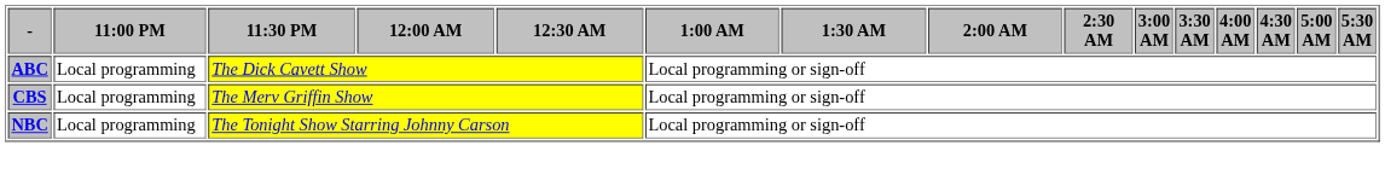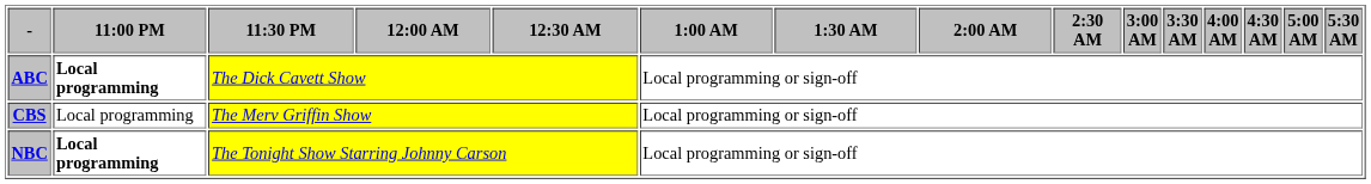 <table border="1" cellpadding="2">
 <tr>
 <th bgcolor="#C0C0C0">-</th>
 <th width="13%" bgcolor="#C0C0C0">11:00 PM</th>
 <th width="14%" bgcolor="#C0C0C0">11:30 PM</th>
 <th width="13%" bgcolor="#C0C0C0">12:00 AM</th>
 <th width="14%" bgcolor="#C0C0C0">12:30 AM</th>
 <th width="13%" bgcolor="#C0C0C0">1:00 AM</th>
 <th width="14%" bgcolor="#C0C0C0">1:30 AM</th>
 <th width="13%" bgcolor="#C0C0C0">2:00 AM</th>
 <th width="14%" bgcolor="#C0C0C0">2:30 AM</th>
 <th width="13%" bgcolor="#C0C0C0">3:00 AM</th>
 <th width="14%" bgcolor="#C0C0C0">3:30 AM</th>
 <th width="13%" bgcolor="#C0C0C0">4:00 AM</th>
 <th width="14%" bgcolor="#C0C0C0">4:30 AM</th>
 <th width="13%" bgcolor="#C0C0C0">5:00 AM</th>
 <th width="14%" bgcolor="#C0C0C0">5:30 AM</th>
 </tr>
 <tr>
 <th bgcolor="#C0C0C0"><a href='#'>ABC</a></th>
-<td bgcolor="white">Local programming</td>
+<td bgcolor="white"><strong>Local programming</strong></td>
 <td bgcolor="yellow" colspan="3"><em><a href='#'>The Dick Cavett Show</a></em></td>
 <td bgcolor="white" colspan="10">Local programming or sign-off</td>
 </tr>
 <tr>
 <th bgcolor="#C0C0C0"><a href='#'>CBS</a></th>
 <td bgcolor="white">Local programming</td>
 <td bgcolor="yellow" colspan="3"><em><a href='#'>The Merv Griffin Show</a></em></td>
 <td bgcolor="white" colspan="10">Local programming or sign-off</td>
 </tr>
 <tr>
 <th bgcolor="#C0C0C0"><a href='#'>NBC</a></th>
-<td bgcolor="white">Local programming</td>
+<td bgcolor="white"><strong>Local programming</strong></td>
 <td bgcolor="yellow" colspan="3"><em><a href='#'>The Tonight Show Starring Johnny Carson</a></em></td>
 <td bgcolor="white" colspan="10">Local programming or sign-off</td>
 </tr>
 </table>
